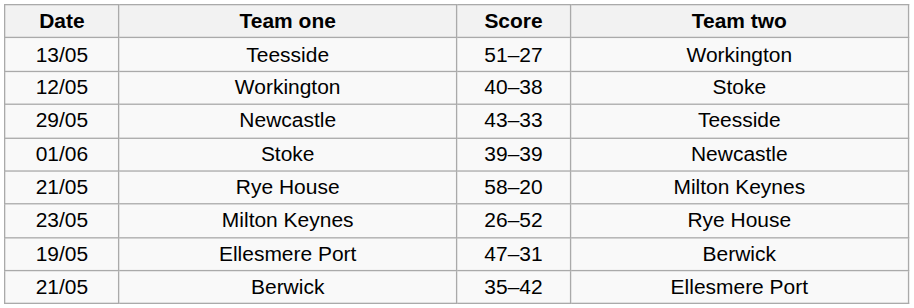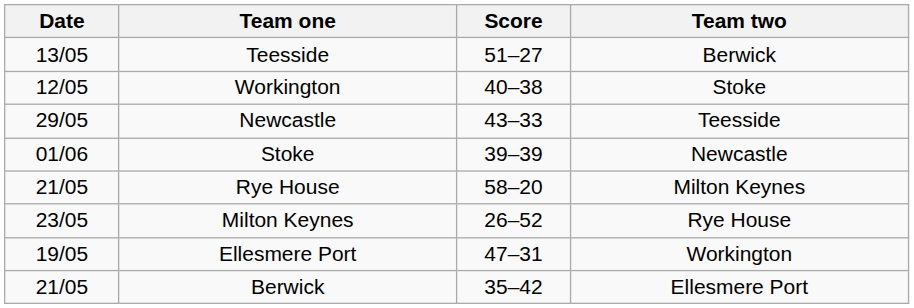 <table class="wikitable" style="text-align: center">
 <tr>
 <th width=80>Date</th>
 <th width=250>Team one</th>
 <th width=80>Score</th>
 <th width=250>Team two</th>
 </tr>
 <tr>
 <td>13/05</td>
 <td>Teesside</td>
 <td>51–27</td>
-<td>Workington</td>
+<td>Berwick</td>
 </tr>
 <tr>
 <td>12/05</td>
 <td>Workington</td>
 <td>40–38</td>
 <td>Stoke</td>
 </tr>
 <tr>
 <td>29/05</td>
 <td>Newcastle</td>
 <td>43–33</td>
 <td>Teesside</td>
 </tr>
 <tr>
 <td>01/06</td>
 <td>Stoke</td>
 <td>39–39</td>
 <td>Newcastle</td>
 </tr>
 <tr>
 <td>21/05</td>
 <td>Rye House</td>
 <td>58–20</td>
 <td>Milton Keynes</td>
 </tr>
 <tr>
 <td>23/05</td>
 <td>Milton Keynes</td>
 <td>26–52</td>
 <td>Rye House</td>
 </tr>
 <tr>
 <td>19/05</td>
 <td>Ellesmere Port</td>
 <td>47–31</td>
-<td>Berwick</td>
+<td>Workington</td>
 </tr>
 <tr>
 <td>21/05</td>
 <td>Berwick</td>
 <td>35–42</td>
 <td>Ellesmere Port</td>
 </tr>
 </table>
